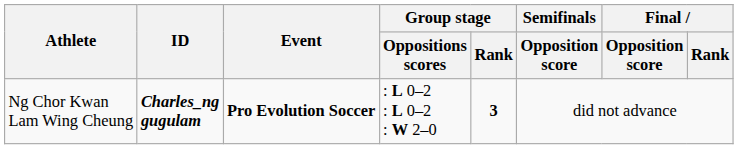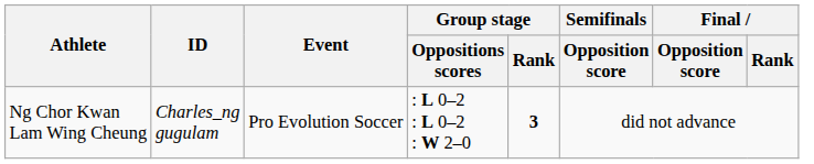 <table class=wikitable style="font-size:90%; text-align:center;">
 <tr>
 <th rowspan=2>Athlete</th>
 <th rowspan=2>ID</th>
 <th rowspan=2>Event</th>
 <th colspan=2>Group stage</th>
 <th>Semifinals</th>
 <th colspan=2>Final / </th>
 </tr>
 <tr>
 <th>Oppositions<br> scores</th>
 <th>Rank</th>
 <th>Opposition<br> score</th>
 <th>Opposition<br> score</th>
 <th>Rank</th>
 </tr>
 <tr>
 <td align=left>Ng Chor Kwan<br>Lam Wing Cheung</td>
-<td align=left><strong><em>Charles_ng<br>gugulam</em></strong></td>
-<td align=left><strong>Pro Evolution Soccer</strong></td>
+<td align=left><em>Charles_ng<br>gugulam</em></td>
+<td align=left>Pro Evolution Soccer</td>
 <td align=left>: <strong>L</strong> 0–2<br>: <strong>L</strong> 0–2<br>: <strong>W</strong> 2–0</td>
 <td><strong>3</strong></td>
 <td colspan=3>did not advance</td>
 </tr>
 </table>
